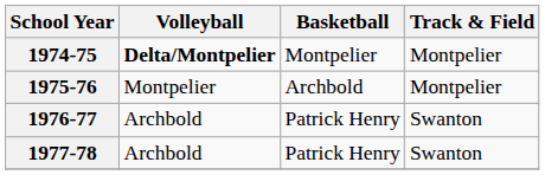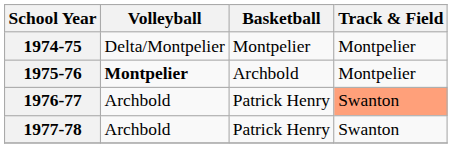 <table class="wikitable">
 <tr>
 <th>School Year</th>
 <th>Volleyball</th>
 <th>Basketball</th>
 <th>Track & Field</th>
 </tr>
 <tr align="left">
 <th>1974-75</th>
-<td><strong>Delta/Montpelier</strong></td>
+<td>Delta/Montpelier</td>
 <td>Montpelier</td>
 <td>Montpelier</td>
 </tr>
 <tr align="left">
 <th>1975-76</th>
-<td>Montpelier</td>
+<td><strong>Montpelier</strong></td>
 <td>Archbold</td>
 <td>Montpelier</td>
 </tr>
 <tr align="left">
 <th>1976-77</th>
 <td>Archbold</td>
 <td>Patrick Henry</td>
-<td>Swanton</td>
+<td style="background: lightsalmon;">Swanton</td>
 </tr>
 <tr align="left">
 <th>1977-78</th>
 <td>Archbold</td>
 <td>Patrick Henry</td>
 <td>Swanton</td>
 </tr>
 <tr>
 </tr>
 </table>
